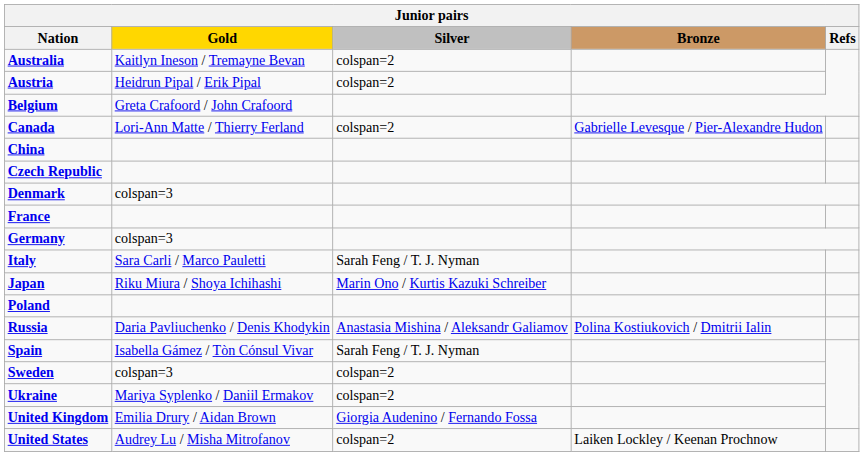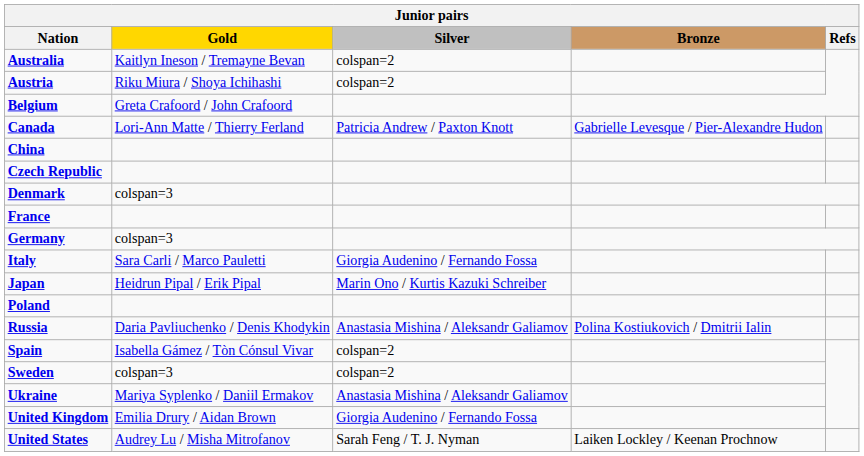 <table class="wikitable">
 <tr>
 <th colspan=5>Junior pairs</th>
 </tr>
 <tr>
 <th>Nation</th>
 <td style="text-align:center; background:gold;"><strong>Gold</strong></td>
 <td style="text-align:center; background:silver;"><strong>Silver</strong></td>
 <td style="text-align:center; background:#c96;"><strong>Bronze</strong></td>
 <th>Refs</th>
 </tr>
 <tr>
 <td><strong><a href='#'>Australia</a></strong></td>
 <td><a href='#'>Kaitlyn Ineson</a> / <a href='#'>Tremayne Bevan</a></td>
 <td>colspan=2 </td>
 <td></td>
 </tr>
 <tr>
 <td><strong><a href='#'>Austria</a></strong></td>
-<td><a href='#'>Heidrun Pipal</a> / <a href='#'>Erik Pipal</a></td>
+<td><a href='#'>Riku Miura</a> / <a href='#'>Shoya Ichihashi</a></td>
 <td>colspan=2 </td>
 <td></td>
 </tr>
 <tr>
 <td><strong><a href='#'>Belgium</a></strong></td>
 <td><a href='#'>Greta Crafoord</a> / <a href='#'>John Crafoord</a></td>
 <td></td>
 </tr>
 <tr>
 <td><strong><a href='#'>Canada</a></strong></td>
 <td><a href='#'>Lori-Ann Matte</a> / <a href='#'>Thierry Ferland</a></td>
-<td>colspan=2 </td>
+<td><a href='#'>Patricia Andrew</a> / <a href='#'>Paxton Knott</a></td>
 <td><a href='#'>Gabrielle Levesque</a> / <a href='#'>Pier-Alexandre Hudon</a></td>
 <td></td>
 </tr>
 <tr>
 <td><strong><a href='#'>China</a></strong></td>
 <td></td>
 <td></td>
 <td></td>
 <td></td>
 </tr>
 <tr>
 <td><strong><a href='#'>Czech Republic</a></strong></td>
 <td></td>
 <td></td>
 <td></td>
 <td></td>
 </tr>
 <tr>
 <td><strong><a href='#'>Denmark</a></strong></td>
 <td>colspan=3 </td>
 <td></td>
 </tr>
 <tr>
 <td><strong><a href='#'>France</a></strong></td>
 <td></td>
 <td></td>
 <td></td>
 <td></td>
 </tr>
 <tr>
 <td><strong><a href='#'>Germany</a></strong></td>
 <td>colspan=3 </td>
 <td></td>
 </tr>
 <tr>
 <td><strong><a href='#'>Italy</a></strong></td>
 <td><a href='#'>Sara Carli</a> / <a href='#'>Marco Pauletti</a></td>
-<td>Sarah Feng / T. J. Nyman</td>
+<td><a href='#'>Giorgia Audenino</a> / <a href='#'>Fernando Fossa</a></td>
 <td></td>
 <td></td>
 </tr>
 <tr>
 <td><strong><a href='#'>Japan</a></strong></td>
-<td><a href='#'>Riku Miura</a> / <a href='#'>Shoya Ichihashi</a></td>
+<td><a href='#'>Heidrun Pipal</a> / <a href='#'>Erik Pipal</a></td>
 <td><a href='#'>Marin Ono</a> / <a href='#'>Kurtis Kazuki Schreiber</a></td>
 <td></td>
 <td></td>
 </tr>
 <tr>
 <td><strong><a href='#'>Poland</a></strong></td>
 <td></td>
 <td></td>
 <td></td>
 <td></td>
 </tr>
 <tr>
 <td><strong><a href='#'>Russia</a></strong></td>
 <td><a href='#'>Daria Pavliuchenko</a> / <a href='#'>Denis Khodykin</a></td>
 <td><a href='#'>Anastasia Mishina</a> / <a href='#'>Aleksandr Galiamov</a></td>
 <td><a href='#'>Polina Kostiukovich</a> / <a href='#'>Dmitrii Ialin</a></td>
 <td></td>
 </tr>
 <tr>
 <td><strong><a href='#'>Spain</a></strong></td>
 <td><a href='#'>Isabella Gámez</a> / <a href='#'>Tòn Cónsul  Vivar</a></td>
-<td>Sarah Feng / T. J. Nyman</td>
+<td>colspan=2 </td>
 <td></td>
 </tr>
 <tr>
 <td><strong><a href='#'>Sweden</a></strong></td>
 <td>colspan=3 </td>
 <td>colspan=2 </td>
 <td></td>
 </tr>
 <tr>
 <td><strong><a href='#'>Ukraine</a></strong></td>
 <td><a href='#'>Mariya Syplenko</a> / <a href='#'>Daniil Ermakov</a></td>
-<td>colspan=2 </td>
+<td><a href='#'>Anastasia Mishina</a> / <a href='#'>Aleksandr Galiamov</a></td>
 <td></td>
 </tr>
 <tr>
 <td><strong><a href='#'>United Kingdom</a></strong></td>
 <td><a href='#'>Emilia Drury</a> / <a href='#'>Aidan Brown</a></td>
 <td><a href='#'>Giorgia Audenino</a> / <a href='#'>Fernando Fossa</a></td>
 <td></td>
 </tr>
 <tr>
 <td><strong><a href='#'>United States</a></strong></td>
 <td><a href='#'>Audrey Lu</a> / <a href='#'>Misha Mitrofanov</a></td>
-<td>colspan=2 </td>
+<td>Sarah Feng / T. J. Nyman</td>
 <td>Laiken Lockley / Keenan Prochnow</td>
 <td></td>
 </tr>
 </table>
